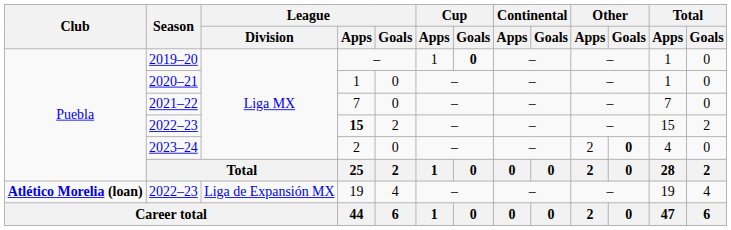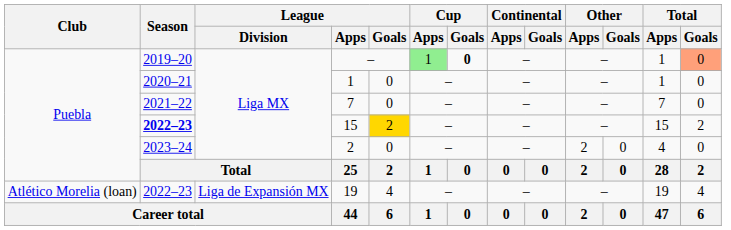 <table class="wikitable" style="text-align: center">
 <tr>
 <th rowspan="2">Club</th>
 <th rowspan="2">Season</th>
 <th colspan="3">League</th>
 <th colspan="2">Cup</th>
 <th colspan="2">Continental</th>
 <th colspan="2">Other</th>
 <th colspan="2">Total</th>
 </tr>
 <tr>
 <th>Division</th>
 <th>Apps</th>
 <th>Goals</th>
 <th>Apps</th>
 <th>Goals</th>
 <th>Apps</th>
 <th>Goals</th>
 <th>Apps</th>
 <th>Goals</th>
 <th>Apps</th>
 <th>Goals</th>
 </tr>
 <tr>
 <td rowspan="6"><a href='#'>Puebla</a></td>
 <td><a href='#'>2019–20</a></td>
 <td rowspan="5"><a href='#'>Liga MX</a></td>
 <td colspan="2">–</td>
-<td>1</td>
+<td style="background: lightgreen;">1</td>
 <td><strong>0</strong></td>
 <td colspan="2">–</td>
 <td colspan="2">–</td>
 <td>1</td>
-<td>0</td>
+<td style="background: lightsalmon;">0</td>
 </tr>
 <tr>
 <td><a href='#'>2020–21</a></td>
 <td>1</td>
 <td>0</td>
 <td colspan="2">–</td>
 <td colspan="2">–</td>
 <td colspan="2">–</td>
 <td>1</td>
 <td>0</td>
 </tr>
 <tr>
 <td><a href='#'>2021–22</a></td>
 <td>7</td>
 <td>0</td>
 <td colspan="2">–</td>
 <td colspan="2">–</td>
 <td colspan="2">–</td>
 <td>7</td>
 <td>0</td>
 </tr>
 <tr>
-<td><a href='#'>2022–23</a></td>
-<td><strong>15</strong></td>
-<td>2</td>
+<td><strong><a href='#'>2022–23</a></strong></td>
+<td>15</td>
+<td style="background: gold;">2</td>
 <td colspan="2">–</td>
 <td colspan="2">–</td>
 <td colspan="2">–</td>
 <td>15</td>
 <td>2</td>
 </tr>
 <tr>
 <td><a href='#'>2023–24</a></td>
 <td>2</td>
 <td>0</td>
 <td colspan="2">–</td>
 <td colspan="2">–</td>
 <td>2</td>
-<td><strong>0</strong></td>
+<td>0</td>
 <td>4</td>
 <td>0</td>
 </tr>
 <tr>
 <th colspan="2">Total</th>
 <th>25</th>
 <th>2</th>
 <th>1</th>
 <th>0</th>
 <th>0</th>
 <th>0</th>
 <th>2</th>
 <th>0</th>
 <th>28</th>
 <th>2</th>
 </tr>
 <tr>
-<td><strong><a href='#'>Atlético Morelia</a> (loan)</strong></td>
+<td><a href='#'>Atlético Morelia</a> (loan)</td>
 <td><a href='#'>2022–23</a></td>
 <td><a href='#'>Liga de Expansión MX</a></td>
 <td>19</td>
 <td>4</td>
 <td colspan="2">–</td>
 <td colspan="2">–</td>
 <td colspan="2">–</td>
 <td>19</td>
 <td>4</td>
 </tr>
 <tr>
 <th colspan=3>Career total</th>
 <th>44</th>
 <th>6</th>
 <th>1</th>
 <th>0</th>
 <th>0</th>
 <th>0</th>
 <th>2</th>
 <th>0</th>
 <th>47</th>
 <th>6</th>
 </tr>
 </table>
